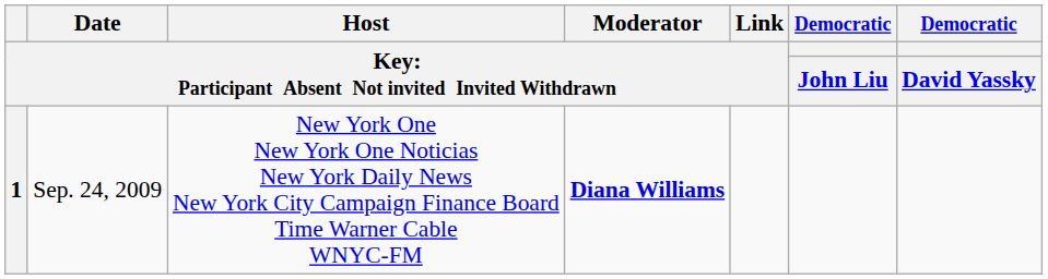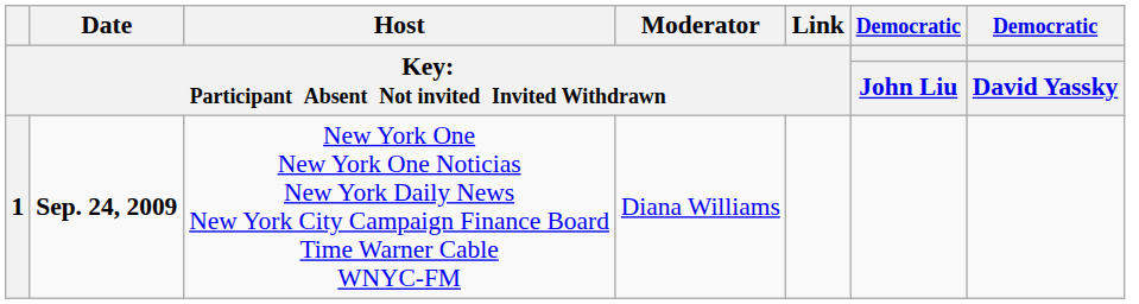 <table class="wikitable" style="text-align:center;">
 <tr>
 <th scope="col"></th>
 <th scope="col">Date</th>
 <th scope="col">Host</th>
 <th scope="col">Moderator</th>
 <th scope="col">Link</th>
 <th scope="col"><small><a href='#'>Democratic</a></small></th>
 <th scope="col"><small><a href='#'>Democratic</a></small></th>
 </tr>
 <tr>
 <th colspan="5" rowspan="2">Key:<br> <small>Participant </small>  <small>Absent </small>  <small>Not invited </small>  <small>Invited  Withdrawn</small></th>
 <th scope="col" style="background:"></th>
 <th scope="col" style="background:"></th>
 </tr>
 <tr>
 <th scope="col"><a href='#'>John Liu</a></th>
 <th scope="col"><a href='#'>David Yassky</a></th>
 </tr>
 <tr>
 <th>1</th>
-<td style="white-space:nowrap;">Sep. 24, 2009</td>
+<td style="white-space:nowrap;"><strong>Sep. 24, 2009</strong></td>
 <td style="white-space:nowrap;"><a href='#'>New York One</a><br><a href='#'>New York One Noticias</a><br><a href='#'>New York Daily News</a><br><a href='#'>New York City Campaign Finance Board</a><br><a href='#'>Time Warner Cable</a><br><a href='#'>WNYC-FM</a></td>
-<td style="white-space:nowrap;"><strong><a href='#'>Diana Williams</a></strong></td>
+<td style="white-space:nowrap;"><a href='#'>Diana Williams</a></td>
 <td style="white-space:nowrap;"></td>
 <td></td>
 <td></td>
 </tr>
 </table>
